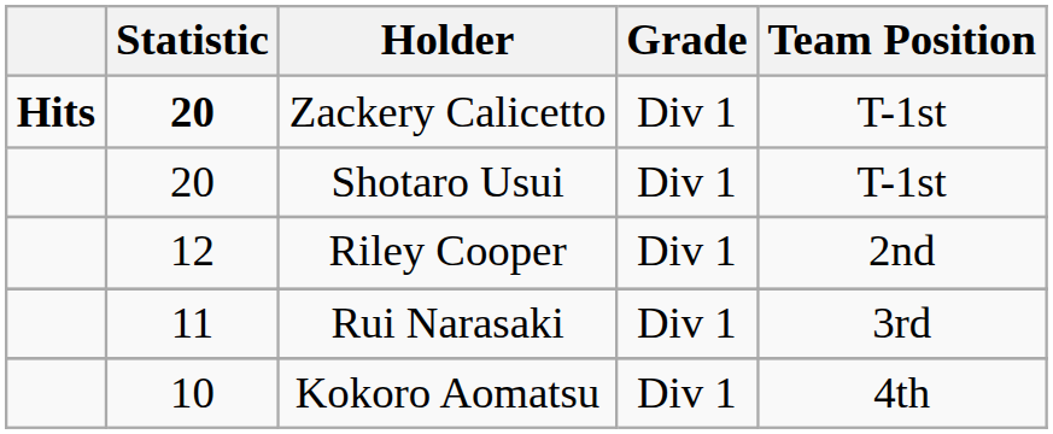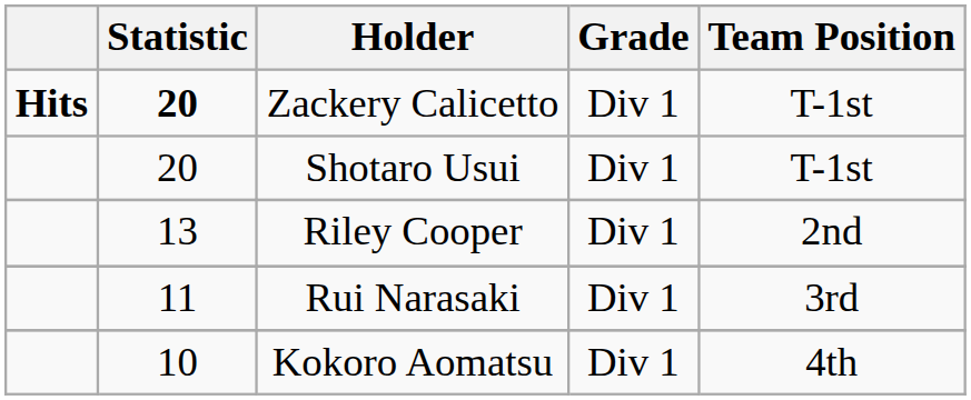 <table class="wikitable" style="text-align: center; mPERin: 0 auto;">
 <tr>
 <th></th>
 <th>Statistic</th>
 <th>Holder</th>
 <th>Grade</th>
 <th>Team Position</th>
 </tr>
 <tr>
 <td><strong>Hits</strong></td>
 <td><strong>20</strong></td>
 <td>Zackery Calicetto</td>
 <td>Div 1</td>
 <td>T-1st</td>
 </tr>
 <tr>
 <td></td>
 <td>20</td>
 <td>Shotaro Usui</td>
 <td>Div 1</td>
 <td>T-1st</td>
 </tr>
 <tr>
 </tr>
 <tr>
 <td></td>
-<td>12</td>
+<td>13</td>
 <td>Riley Cooper</td>
 <td>Div 1</td>
 <td>2nd</td>
 </tr>
 <tr>
 </tr>
 <tr>
 <td></td>
 <td>11</td>
 <td>Rui Narasaki</td>
 <td>Div 1</td>
 <td>3rd</td>
 </tr>
 <tr>
 </tr>
 <tr>
 <td></td>
 <td>10</td>
 <td>Kokoro Aomatsu</td>
 <td>Div 1</td>
 <td>4th</td>
 </tr>
 </table>
